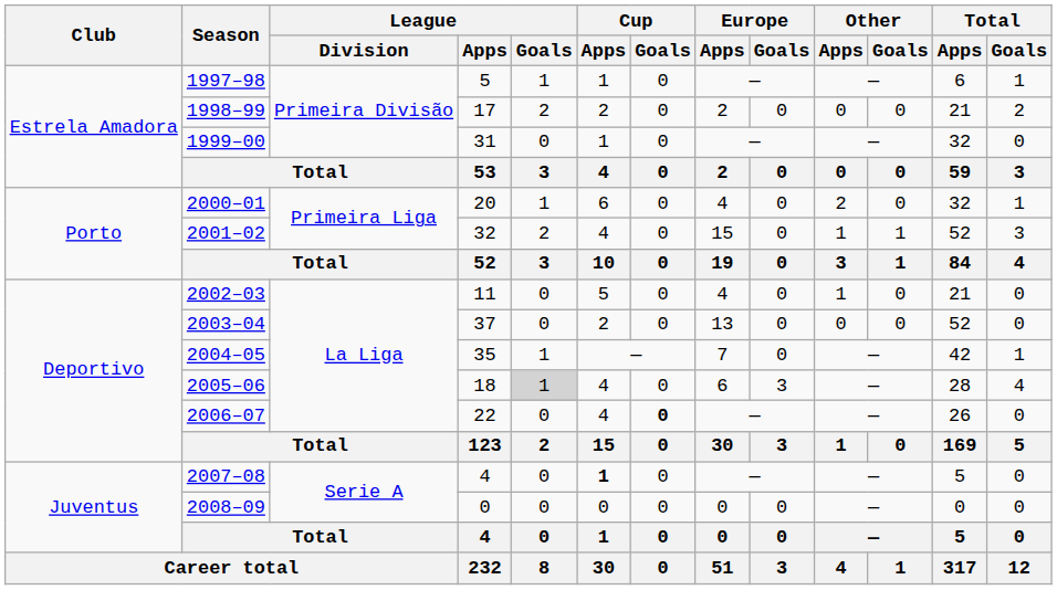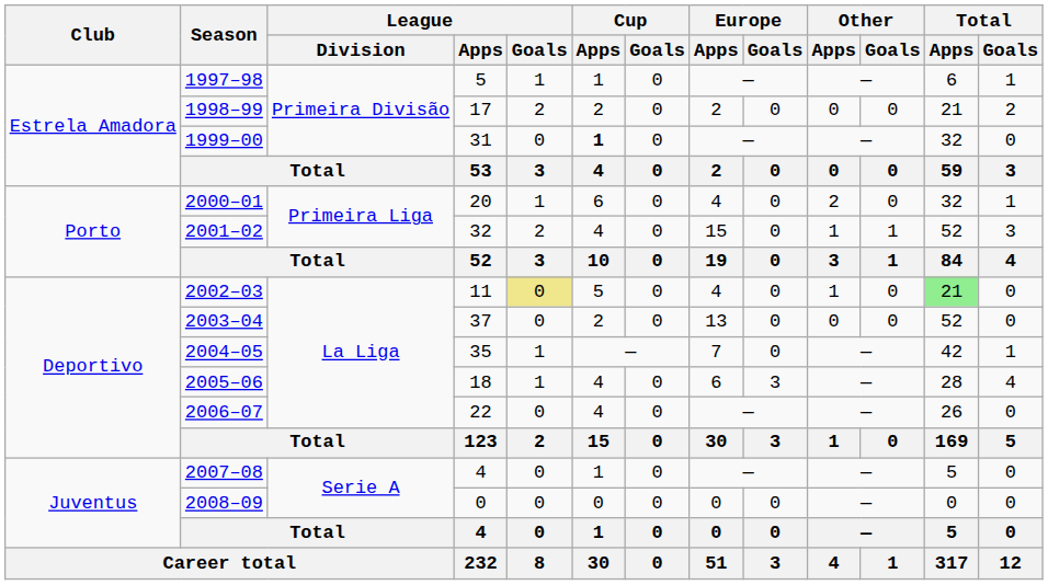 <table class="wikitable" style="text-align:center">
 <tr>
 <th rowspan="2">Club</th>
 <th rowspan="2">Season</th>
 <th colspan="3">League</th>
 <th colspan="2">Cup</th>
 <th colspan="2">Europe</th>
 <th colspan="2">Other</th>
 <th colspan="2">Total</th>
 </tr>
 <tr>
 <th>Division</th>
 <th>Apps</th>
 <th>Goals</th>
 <th>Apps</th>
 <th>Goals</th>
 <th>Apps</th>
 <th>Goals</th>
 <th>Apps</th>
 <th>Goals</th>
 <th>Apps</th>
 <th>Goals</th>
 </tr>
 <tr>
 <td rowspan="4"><a href='#'>Estrela Amadora</a></td>
 <td><a href='#'>1997–98</a></td>
 <td rowspan="3"><a href='#'>Primeira Divisão</a></td>
 <td>5</td>
 <td>1</td>
 <td>1</td>
 <td>0</td>
 <td colspan="2">—</td>
 <td colspan="2">—</td>
 <td>6</td>
 <td>1</td>
 </tr>
 <tr>
 <td><a href='#'>1998–99</a></td>
 <td>17</td>
 <td>2</td>
 <td>2</td>
 <td>0</td>
 <td>2</td>
 <td>0</td>
 <td>0</td>
 <td>0</td>
 <td>21</td>
 <td>2</td>
 </tr>
 <tr>
 <td><a href='#'>1999–00</a></td>
 <td>31</td>
 <td>0</td>
-<td>1</td>
+<td><strong>1</strong></td>
 <td>0</td>
 <td colspan="2">—</td>
 <td colspan="2">—</td>
 <td>32</td>
 <td>0</td>
 </tr>
 <tr>
 <th colspan="2">Total</th>
 <th>53</th>
 <th>3</th>
 <th>4</th>
 <th>0</th>
 <th>2</th>
 <th>0</th>
 <th>0</th>
 <th>0</th>
 <th>59</th>
 <th>3</th>
 </tr>
 <tr>
 <td rowspan="3"><a href='#'>Porto</a></td>
 <td><a href='#'>2000–01</a></td>
 <td rowspan="2"><a href='#'>Primeira Liga</a></td>
 <td>20</td>
 <td>1</td>
 <td>6</td>
 <td>0</td>
 <td>4</td>
 <td>0</td>
 <td>2</td>
 <td>0</td>
 <td>32</td>
 <td>1</td>
 </tr>
 <tr>
 <td><a href='#'>2001–02</a></td>
 <td>32</td>
 <td>2</td>
 <td>4</td>
 <td>0</td>
 <td>15</td>
 <td>0</td>
 <td>1</td>
 <td>1</td>
 <td>52</td>
 <td>3</td>
 </tr>
 <tr>
 <th colspan="2">Total</th>
 <th>52</th>
 <th>3</th>
 <th>10</th>
 <th>0</th>
 <th>19</th>
 <th>0</th>
 <th>3</th>
 <th>1</th>
 <th>84</th>
 <th>4</th>
 </tr>
 <tr>
 <td rowspan="6"><a href='#'>Deportivo</a></td>
 <td><a href='#'>2002–03</a></td>
 <td rowspan="5"><a href='#'>La Liga</a></td>
 <td>11</td>
-<td>0</td>
+<td style="background: khaki;">0</td>
 <td>5</td>
 <td>0</td>
 <td>4</td>
 <td>0</td>
 <td>1</td>
 <td>0</td>
-<td>21</td>
+<td style="background: lightgreen;">21</td>
 <td>0</td>
 </tr>
 <tr>
 <td><a href='#'>2003–04</a></td>
 <td>37</td>
 <td>0</td>
 <td>2</td>
 <td>0</td>
 <td>13</td>
 <td>0</td>
 <td>0</td>
 <td>0</td>
 <td>52</td>
 <td>0</td>
 </tr>
 <tr>
 <td><a href='#'>2004–05</a></td>
 <td>35</td>
 <td>1</td>
 <td colspan="2">—</td>
 <td>7</td>
 <td>0</td>
 <td colspan="2">—</td>
 <td>42</td>
 <td>1</td>
 </tr>
 <tr>
 <td><a href='#'>2005–06</a></td>
 <td>18</td>
-<td style="background: lightgrey;">1</td>
+<td>1</td>
 <td>4</td>
 <td>0</td>
 <td>6</td>
 <td>3</td>
 <td colspan="2">—</td>
 <td>28</td>
 <td>4</td>
 </tr>
 <tr>
 <td><a href='#'>2006–07</a></td>
 <td>22</td>
 <td>0</td>
 <td>4</td>
-<td><strong>0</strong></td>
+<td>0</td>
 <td colspan="2">—</td>
 <td colspan="2">—</td>
 <td>26</td>
 <td>0</td>
 </tr>
 <tr>
 <th colspan="2">Total</th>
 <th>123</th>
 <th>2</th>
 <th>15</th>
 <th>0</th>
 <th>30</th>
 <th>3</th>
 <th>1</th>
 <th>0</th>
 <th>169</th>
 <th>5</th>
 </tr>
 <tr>
 <td rowspan="3"><a href='#'>Juventus</a></td>
 <td><a href='#'>2007–08</a></td>
 <td rowspan="2"><a href='#'>Serie A</a></td>
 <td>4</td>
 <td>0</td>
-<td><strong>1</strong></td>
+<td>1</td>
 <td>0</td>
 <td colspan="2">—</td>
 <td colspan="2">—</td>
 <td>5</td>
 <td>0</td>
 </tr>
 <tr>
 <td><a href='#'>2008–09</a></td>
 <td>0</td>
 <td>0</td>
 <td>0</td>
 <td>0</td>
 <td>0</td>
 <td>0</td>
 <td colspan="2">—</td>
 <td>0</td>
 <td>0</td>
 </tr>
 <tr>
 <th colspan="2">Total</th>
 <th>4</th>
 <th>0</th>
 <th>1</th>
 <th>0</th>
 <th>0</th>
 <th>0</th>
 <th colspan="2">—</th>
 <th>5</th>
 <th>0</th>
 </tr>
 <tr>
 <th colspan="3">Career total</th>
 <th>232</th>
 <th>8</th>
 <th>30</th>
 <th>0</th>
 <th>51</th>
 <th>3</th>
 <th>4</th>
 <th>1</th>
 <th>317</th>
 <th>12</th>
 </tr>
 </table>
